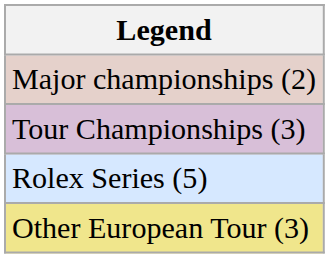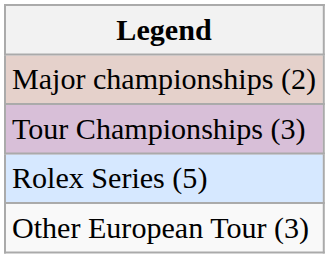 <table class="wikitable" style="font-size:95%;">
 <tr>
 <th>Legend</th>
 </tr>
 <tr style="background:#e5d1cb;">
 <td>Major championships  (2)</td>
 </tr>
 <tr style="background:thistle;">
 <td>Tour Championships (3)</td>
 </tr>
 <tr style="background:#D6E8FF;">
 <td>Rolex Series (5)</td>
 </tr>
 <tr>
-<td style="background: khaki;">Other European Tour (3)</td>
+<td>Other European Tour (3)</td>
 </tr>
 </table>
